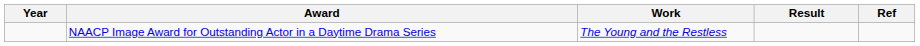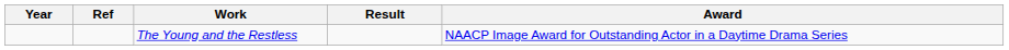 <table class="wikitable sortable plainrowheaders">
 <tr>
 <th scope="col" style="width:0.5%;">Year</th>
-<th scope="col" style="width:7%;">Award</th>
+<th scope="col" style="width:0.5%;">Ref</th>
 <th scope="col" style="width:2%;">Work</th>
 <th scope="col" style="width:1%;">Result</th>
-<th scope="col" style="width:0.5%;">Ref</th>
+<th scope="col" style="width:7%;">Award</th>
 </tr>
 <tr>
 <td></td>
-<td><a href='#'>NAACP Image Award for Outstanding Actor in a Daytime Drama Series</a></td>
+<td></td>
 <td><em><a href='#'>The Young and the Restless</a></em></td>
 <td></td>
-<td></td>
+<td><a href='#'>NAACP Image Award for Outstanding Actor in a Daytime Drama Series</a></td>
 </tr>
 </table>
